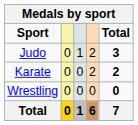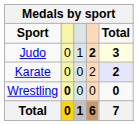 <table class="wikitable" style="font-size:85%">
 <tr style="background:#efefef;">
 <th colspan=7><strong>Medals by sport</strong></th>
 </tr>
 <tr align=center>
 <td><strong>Sport</strong></td>
 <td bgcolor=#f7f6a8></td>
 <td bgcolor=#dce5e5></td>
 <td bgcolor=#ffdab9></td>
 <td><strong>Total</strong></td>
 </tr>
 <tr align=center>
 <td><a href='#'>Judo</a></td>
 <td style="background:#F7F6A8;">0</td>
 <td style="background:#DCE5E5;">1</td>
-<td style="background:#FFDAB9;">2</td>
-<td><strong>3</strong></td>
+<td style="background:#FFDAB9;"><strong>2</strong></td>
+<td style="background: lightyellow;"><strong>3</strong></td>
 </tr>
 <tr align=center>
 <td><a href='#'>Karate</a></td>
 <td style="background:#F7F6A8;">0</td>
 <td style="background:#DCE5E5;">0</td>
 <td style="background:#FFDAB9;">2</td>
-<td><strong>2</strong></td>
+<td style="background: lavender;"><strong>2</strong></td>
 </tr>
 <tr align=center>
 <td><a href='#'>Wrestling</a></td>
-<td style="background:#F7F6A8;">0</td>
+<td style="background:#F7F6A8;"><strong>0</strong></td>
 <td style="background:#DCE5E5;">0</td>
 <td style="background:#FFDAB9;">0</td>
 <td><strong>0</strong></td>
 </tr>
 <tr align=center>
 <th><strong>Total</strong></th>
 <th style="background:gold;"><strong>0</strong></th>
 <th style="background:silver;"><strong>1</strong></th>
 <th style="background:#c96;"><strong>6</strong></th>
 <th><strong>7</strong></th>
 </tr>
 </table>
